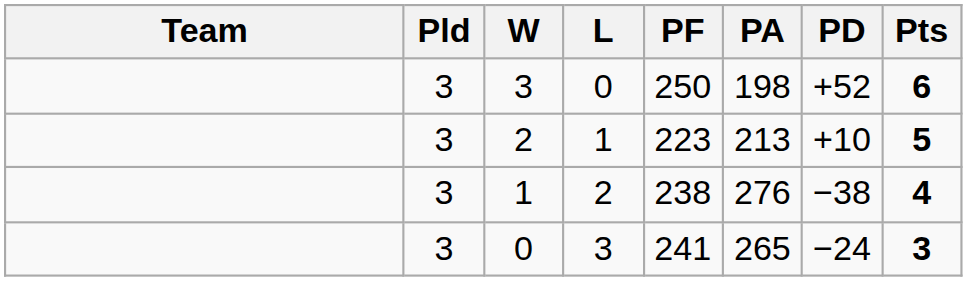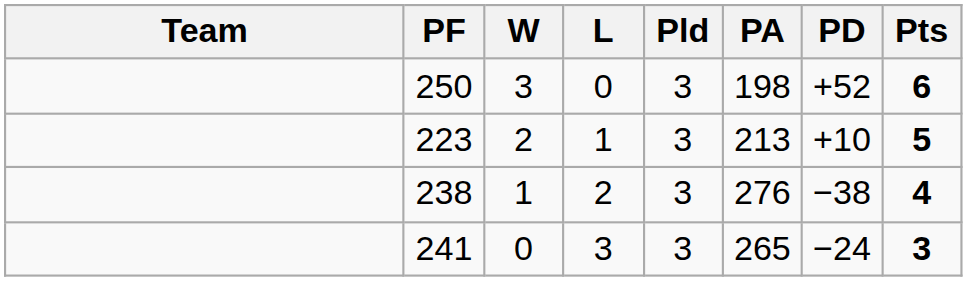 <table class=wikitable style="text-align:center">
 <tr>
 <th width=180>Team</th>
-<th width=30>Pld</th>
+<th width=30>PF</th>
 <th width=30>W</th>
 <th width=30>L</th>
-<th width=30>PF</th>
+<th width=30>Pld</th>
 <th width=30>PA</th>
 <th width=30>PD</th>
 <th width=30>Pts</th>
 </tr>
 <tr>
 <td align="left"></td>
-<td>3</td>
+<td>250</td>
 <td>3</td>
 <td>0</td>
-<td>250</td>
+<td>3</td>
 <td>198</td>
 <td>+52</td>
 <td><strong>6</strong></td>
 </tr>
 <tr>
 <td align="left"></td>
-<td>3</td>
+<td>223</td>
 <td>2</td>
 <td>1</td>
-<td>223</td>
+<td>3</td>
 <td>213</td>
 <td>+10</td>
 <td><strong>5</strong></td>
 </tr>
 <tr>
 <td align="left"></td>
-<td>3</td>
+<td>238</td>
 <td>1</td>
 <td>2</td>
-<td>238</td>
+<td>3</td>
 <td>276</td>
 <td>−38</td>
 <td><strong>4</strong></td>
 </tr>
 <tr>
 <td align="left"></td>
-<td>3</td>
+<td>241</td>
 <td>0</td>
 <td>3</td>
-<td>241</td>
+<td>3</td>
 <td>265</td>
 <td>−24</td>
 <td><strong>3</strong></td>
 </tr>
 </table>
